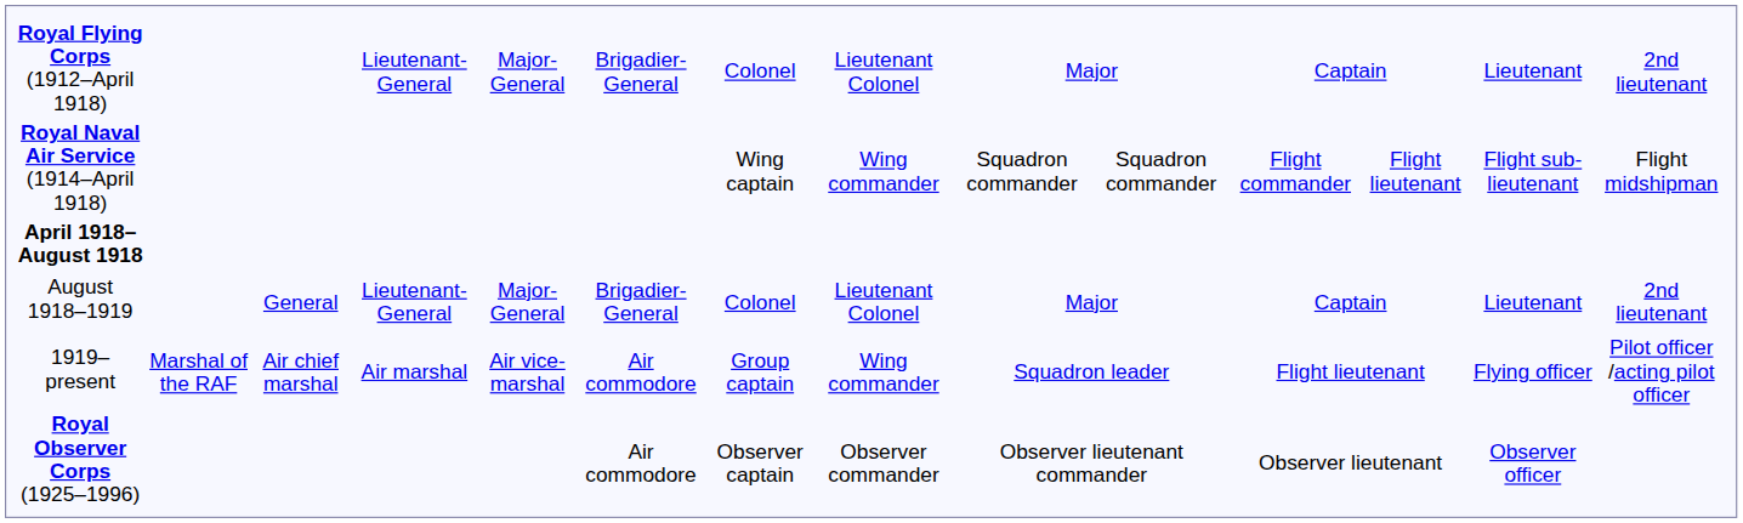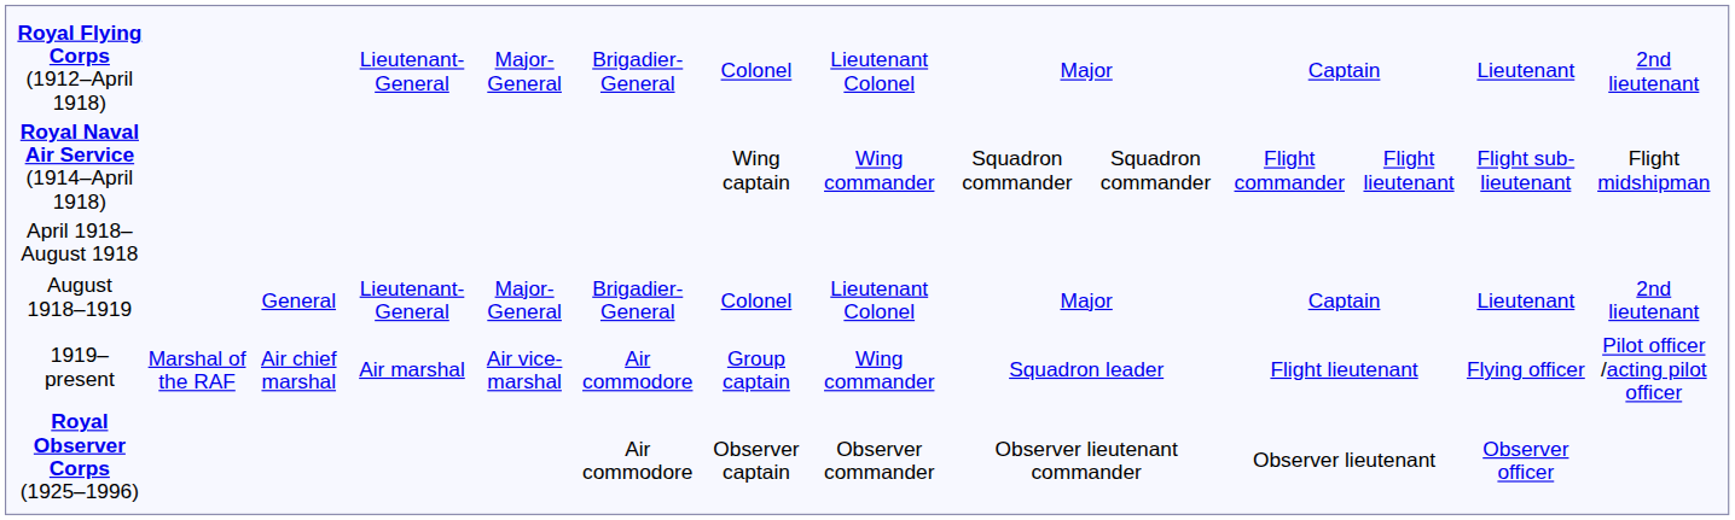 <table style="border:1px solid #8888aa; background-color:#f7f8ff; padding:5px; font-size:95%; margin: 0px 12px 12px 0px;">
 <tr style="background-color:#CCCCCC; text-align:center;">
 </tr>
 <tr style="text-align:center;">
 <td rowspan=2><strong> <a href='#'>Royal Flying Corps</a></strong><br>(1912–April 1918)</td>
 <td colspan=4 rowspan=2></td>
 <td colspan=2></td>
 <td colspan=2></td>
 <td colspan=2></td>
 <td colspan=2></td>
 <td colspan=2></td>
 <td colspan=2></td>
 <td colspan=2></td>
 <td colspan=3></td>
 <td colspan=3></td>
 </tr>
 <tr style="text-align:center;">
 <td colspan=2><a href='#'>Lieutenant-General</a></td>
 <td colspan=2><a href='#'>Major-General</a></td>
 <td colspan=2><a href='#'>Brigadier-General</a></td>
 <td colspan=2><a href='#'>Colonel</a></td>
 <td colspan=2><a href='#'>Lieutenant Colonel</a></td>
 <td colspan=2><a href='#'>Major</a></td>
 <td colspan=2><a href='#'>Captain</a></td>
 <td colspan=3><a href='#'>Lieutenant</a></td>
 <td colspan=3><a href='#'>2nd lieutenant</a></td>
 </tr>
 <tr style="text-align:center;">
 <td rowspan=2><strong> <a href='#'>Royal Naval Air Service</a></strong><br>(1914–April 1918)</td>
 <td colspan=10 rowspan=2></td>
 <td colspan=2></td>
 <td colspan=2></td>
 <td colspan=1></td>
 <td colspan=1></td>
 <td colspan=1></td>
 <td colspan=1></td>
 <td colspan=3></td>
 <td colspan=3></td>
 </tr>
 <tr style="text-align:center;">
 <td colspan=2>Wing captain</td>
 <td colspan=2><a href='#'>Wing commander</a></td>
 <td colspan=1>Squadron commander<br></td>
 <td colspan=1>Squadron commander<br></td>
 <td colspan=1><a href='#'>Flight commander</a></td>
 <td colspan=1><a href='#'>Flight lieutenant</a></td>
 <td colspan=3><a href='#'>Flight sub-lieutenant</a></td>
 <td colspan=3>Flight <a href='#'>midshipman</a></td>
 </tr>
 <tr style="text-align:center;">
-<td rowspan=1><strong>April 1918–August 1918</strong></td>
+<td rowspan=1>April 1918–August 1918</td>
 <td colspan=2></td>
 <td colspan=2></td>
 <td colspan=2></td>
 <td colspan=2></td>
 <td colspan=2></td>
 <td colspan=2></td>
 <td colspan=2></td>
 <td colspan=2></td>
 <td colspan=2></td>
 <td colspan=3></td>
 <td colspan=3></td>
 </tr>
 <tr style="text-align:center;">
 <td rowspan=2>August 1918–1919</td>
 <td colspan=2 rowspan=2></td>
 <td colspan=2></td>
 <td colspan=2></td>
 <td colspan=2></td>
 <td colspan=2></td>
 <td colspan=2></td>
 <td colspan=2></td>
 <td colspan=2></td>
 <td colspan=2></td>
 <td colspan=3></td>
 <td colspan=3></td>
 </tr>
 <tr style="text-align:center;">
 <td colspan=2><a href='#'>General</a></td>
 <td colspan=2><a href='#'>Lieutenant-General</a></td>
 <td colspan=2><a href='#'>Major-General</a></td>
 <td colspan=2><a href='#'>Brigadier-General</a></td>
 <td colspan=2><a href='#'>Colonel</a></td>
 <td colspan=2><a href='#'>Lieutenant Colonel</a></td>
 <td colspan=2><a href='#'>Major</a></td>
 <td colspan=2><a href='#'>Captain</a></td>
 <td colspan=3><a href='#'>Lieutenant</a></td>
 <td colspan=3><a href='#'>2nd lieutenant</a></td>
 </tr>
 <tr style="text-align:center;">
 <td rowspan=2>1919–present</td>
 <td colspan=2></td>
 <td colspan=2></td>
 <td colspan=2></td>
 <td colspan=2></td>
 <td colspan=2></td>
 <td colspan=2></td>
 <td colspan=2></td>
 <td colspan=2></td>
 <td colspan=2></td>
 <td colspan=3></td>
 <td colspan=3></td>
 </tr>
 <tr style="text-align:center;">
 <td colspan=2><a href='#'>Marshal of the RAF</a></td>
 <td colspan=2><a href='#'>Air chief marshal</a></td>
 <td colspan=2><a href='#'>Air marshal</a></td>
 <td colspan=2><a href='#'>Air vice-marshal</a></td>
 <td colspan=2><a href='#'>Air commodore</a></td>
 <td colspan=2><a href='#'>Group captain</a></td>
 <td colspan=2><a href='#'>Wing commander</a></td>
 <td colspan=2><a href='#'>Squadron leader</a></td>
 <td colspan=2><a href='#'>Flight lieutenant</a></td>
 <td colspan=3><a href='#'>Flying officer</a></td>
 <td colspan=3><a href='#'>Pilot officer</a><br>/<a href='#'>acting pilot officer</a></td>
 </tr>
 <tr style="text-align:center;">
 <td rowspan=2><strong> <a href='#'>Royal Observer Corps</a></strong><br>(1925–1996)</td>
 <td colspan=8 rowspan=2></td>
 <td colspan=2></td>
 <td colspan=2></td>
 <td colspan=2></td>
 <td colspan=2></td>
 <td colspan=2></td>
 <td colspan=3></td>
 <td colspan=3 rowspan=2></td>
 </tr>
 <tr style="text-align:center;">
 <td colspan=2>Air commodore</td>
 <td colspan=2>Observer captain</td>
 <td colspan=2>Observer commander</td>
 <td colspan=2>Observer lieutenant commander</td>
 <td colspan=2>Observer lieutenant</td>
 <td colspan=3><a href='#'>Observer officer</a><br></td>
 </tr>
 </table>
